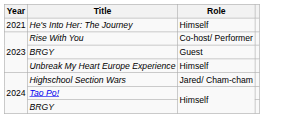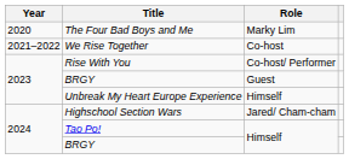 <table class="wikitable" style="font-size:90%">
 <tr>
 <th>Year</th>
 <th>Title</th>
 <th>Role</th>
 <th></th>
 </tr>
 <tr>
-<td>2021</td>
-<td><em>He's Into Her: The Journey</em></td>
-<td>Himself</td>
+<td>2020</td>
+<td><em>The Four Bad Boys and Me</em></td>
+<td>Marky Lim</td>
+<td align="center"></td>
+</tr>
+<tr>
+<td>2021–2022</td>
+<td><em>We Rise Together</em></td>
+<td>Co-host</td>
 <td></td>
 </tr>
 <tr>
 <td rowspan="3">2023</td>
 <td><em>Rise With You</em></td>
 <td>Co-host/ Performer</td>
 <td></td>
 </tr>
 <tr>
 <td><em>BRGY</em></td>
 <td>Guest</td>
 <td></td>
 </tr>
 <tr>
 <td><em>Unbreak My Heart Europe Experience</em></td>
 <td>Himself</td>
 <td align="center"></td>
 </tr>
 <tr>
 <td rowspan=3>2024</td>
 <td><em>Highschool Section Wars</em></td>
 <td>Jared/ Cham-cham</td>
 <td align="center"></td>
 </tr>
 <tr>
 <td><em><a href='#'>Tao Po!</a></em></td>
 <td rowspan=2>Himself</td>
 <td align="center"></td>
 </tr>
 <tr>
 <td><em>BRGY</em></td>
 <td align="center"></td>
 </tr>
 </table>
